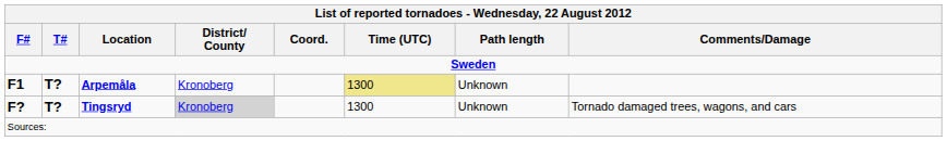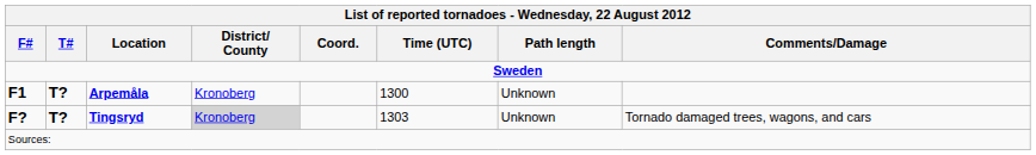 <table class="wikitable collapsible" width="100%">
 <tr>
 <th colspan="8">List of reported tornadoes - Wednesday, 22 August 2012</th>
 </tr>
 <tr>
 <th><a href='#'>F#</a></th>
 <th><a href='#'>T#</a></th>
 <th>Location</th>
 <th>District/<br>County</th>
 <th>Coord.</th>
 <th>Time (UTC)</th>
 <th>Path length</th>
 <th>Comments/Damage</th>
 </tr>
 <tr>
 <td colspan="8" align=center><strong><a href='#'>Sweden</a></strong></td>
 </tr>
 <tr>
 <td><big><strong>F1</strong></big></td>
 <td><big><strong>T?</strong></big></td>
 <td><strong><a href='#'>Arpemåla</a></strong></td>
 <td><a href='#'>Kronoberg</a></td>
 <td></td>
-<td style="background: khaki;">1300</td>
+<td>1300</td>
 <td>Unknown</td>
 <td></td>
 </tr>
 <tr>
 <td><big><strong>F?</strong></big></td>
 <td><big><strong>T?</strong></big></td>
 <td><strong><a href='#'>Tingsryd</a></strong></td>
 <td style="background: lightgrey;"><a href='#'>Kronoberg</a></td>
 <td></td>
-<td>1300</td>
+<td>1303</td>
 <td>Unknown</td>
 <td>Tornado damaged trees, wagons, and cars</td>
 </tr>
 <tr>
 <td colspan="8"><small>Sources:  </small></td>
 </tr>
 </table>
